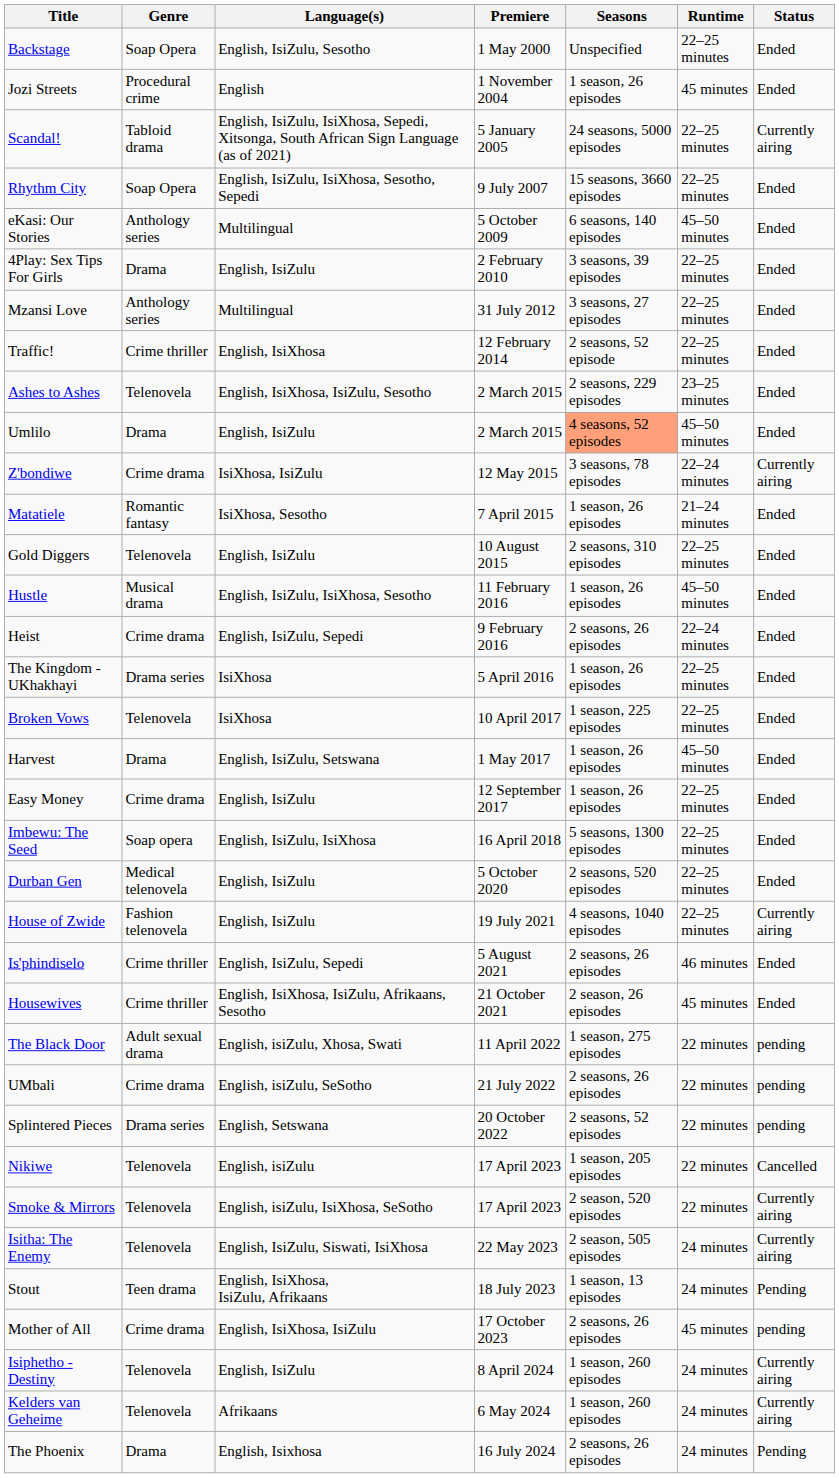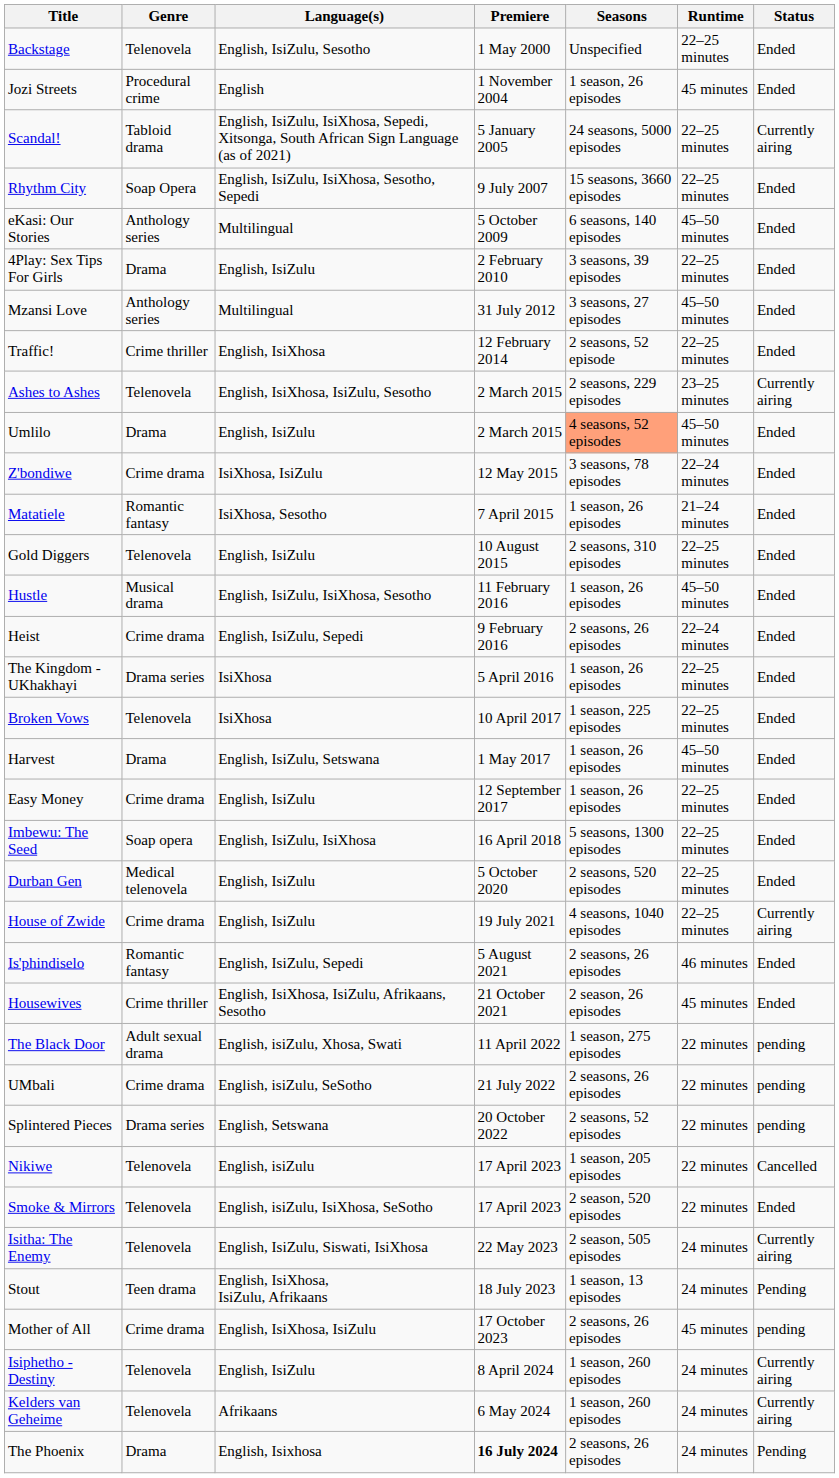 <table class="wikitable sortable" style="width:100%">
 <tr>
 <th>Title</th>
 <th>Genre</th>
 <th>Language(s)</th>
 <th>Premiere</th>
 <th>Seasons</th>
 <th>Runtime</th>
 <th>Status</th>
 </tr>
 <tr>
 <td><a href='#'>Backstage</a></td>
-<td>Soap Opera</td>
+<td>Telenovela</td>
 <td>English, IsiZulu, Sesotho</td>
 <td>1 May 2000</td>
 <td>Unspecified</td>
 <td>22–25 minutes</td>
 <td>Ended</td>
 </tr>
 <tr>
 <td>Jozi Streets</td>
 <td>Procedural crime</td>
 <td>English</td>
 <td>1 November 2004</td>
 <td>1 season, 26 episodes</td>
 <td>45 minutes</td>
 <td>Ended</td>
 </tr>
 <tr>
 <td><a href='#'>Scandal!</a></td>
 <td>Tabloid drama</td>
 <td>English, IsiZulu, IsiXhosa, Sepedi, Xitsonga, South African Sign Language (as of 2021)</td>
 <td>5 January 2005</td>
 <td>24 seasons, 5000 episodes</td>
 <td>22–25 minutes</td>
 <td>Currently airing</td>
 </tr>
 <tr>
 <td><a href='#'>Rhythm City</a></td>
 <td>Soap Opera</td>
 <td>English, IsiZulu, IsiXhosa, Sesotho, Sepedi</td>
 <td>9 July 2007</td>
 <td>15 seasons, 3660 episodes</td>
 <td>22–25 minutes</td>
 <td>Ended</td>
 </tr>
 <tr>
 <td>eKasi: Our Stories</td>
 <td>Anthology series</td>
 <td>Multilingual</td>
 <td>5 October 2009</td>
 <td>6 seasons, 140 episodes</td>
 <td>45–50 minutes</td>
 <td>Ended</td>
 </tr>
 <tr>
 <td>4Play: Sex Tips For Girls</td>
 <td>Drama</td>
 <td>English, IsiZulu</td>
 <td>2 February 2010</td>
 <td>3 seasons, 39 episodes</td>
 <td>22–25 minutes</td>
 <td>Ended</td>
 </tr>
 <tr>
 <td>Mzansi Love</td>
 <td>Anthology series</td>
 <td>Multilingual</td>
 <td>31 July 2012</td>
 <td>3 seasons, 27 episodes</td>
-<td>22–25 minutes</td>
+<td>45–50 minutes</td>
 <td>Ended</td>
 </tr>
 <tr>
 <td>Traffic!</td>
 <td>Crime thriller</td>
 <td>English, IsiXhosa</td>
 <td>12 February 2014</td>
 <td>2 seasons, 52 episode</td>
 <td>22–25 minutes</td>
 <td>Ended</td>
 </tr>
 <tr>
 <td><a href='#'>Ashes to Ashes</a></td>
 <td>Telenovela</td>
 <td>English, IsiXhosa, IsiZulu, Sesotho</td>
 <td>2 March 2015</td>
 <td>2 seasons, 229 episodes</td>
 <td>23–25 minutes</td>
-<td>Ended</td>
+<td>Currently airing</td>
 </tr>
 <tr>
 <td>Umlilo</td>
 <td>Drama</td>
 <td>English, IsiZulu</td>
 <td>2 March 2015</td>
 <td style="background: lightsalmon;">4 seasons, 52 episodes</td>
 <td>45–50 minutes</td>
 <td>Ended</td>
 </tr>
 <tr>
 <td><a href='#'>Z'bondiwe</a></td>
 <td>Crime drama</td>
 <td>IsiXhosa, IsiZulu</td>
 <td>12 May 2015</td>
 <td>3 seasons, 78 episodes</td>
 <td>22–24 minutes</td>
-<td>Currently airing</td>
+<td>Ended</td>
 </tr>
 <tr>
 <td><a href='#'>Matatiele</a></td>
 <td>Romantic fantasy</td>
 <td>IsiXhosa, Sesotho</td>
 <td>7 April 2015</td>
 <td>1 season, 26 episodes</td>
 <td>21–24 minutes</td>
 <td>Ended</td>
 </tr>
 <tr>
 <td>Gold Diggers</td>
 <td>Telenovela</td>
 <td>English, IsiZulu</td>
 <td>10 August 2015</td>
 <td>2 seasons, 310 episodes</td>
 <td>22–25 minutes</td>
 <td>Ended</td>
 </tr>
 <tr>
 <td><a href='#'>Hustle</a></td>
 <td>Musical drama</td>
 <td>English, IsiZulu, IsiXhosa, Sesotho</td>
 <td>11 February 2016</td>
 <td>1 season, 26 episodes</td>
 <td>45–50 minutes</td>
 <td>Ended</td>
 </tr>
 <tr>
 <td>Heist</td>
 <td>Crime drama</td>
 <td>English, IsiZulu, Sepedi</td>
 <td>9 February 2016</td>
 <td>2 seasons, 26 episodes</td>
 <td>22–24 minutes</td>
 <td>Ended</td>
 </tr>
 <tr>
 <td>The Kingdom - UKhakhayi</td>
 <td>Drama series</td>
 <td>IsiXhosa</td>
 <td>5 April 2016</td>
 <td>1 season, 26 episodes</td>
 <td>22–25 minutes</td>
 <td>Ended</td>
 </tr>
 <tr>
 <td><a href='#'>Broken Vows</a></td>
 <td>Telenovela</td>
 <td>IsiXhosa</td>
 <td>10 April 2017</td>
 <td>1 season, 225 episodes</td>
 <td>22–25 minutes</td>
 <td>Ended</td>
 </tr>
 <tr>
 <td>Harvest</td>
 <td>Drama</td>
 <td>English, IsiZulu, Setswana</td>
 <td>1 May 2017</td>
 <td>1 season, 26 episodes</td>
 <td>45–50 minutes</td>
 <td>Ended</td>
 </tr>
 <tr>
 <td>Easy Money</td>
 <td>Crime drama</td>
 <td>English, IsiZulu</td>
 <td>12 September 2017</td>
 <td>1 season, 26 episodes</td>
 <td>22–25 minutes</td>
 <td>Ended</td>
 </tr>
 <tr>
 <td><a href='#'>Imbewu: The Seed</a></td>
 <td>Soap opera</td>
 <td>English, IsiZulu, IsiXhosa</td>
 <td>16 April 2018</td>
 <td>5 seasons, 1300 episodes</td>
 <td>22–25 minutes</td>
 <td>Ended</td>
 </tr>
 <tr>
 <td><a href='#'>Durban Gen</a></td>
 <td>Medical telenovela</td>
 <td>English, IsiZulu</td>
 <td>5 October 2020</td>
 <td>2 seasons, 520 episodes</td>
 <td>22–25 minutes</td>
 <td>Ended</td>
 </tr>
 <tr>
 <td><a href='#'>House of Zwide</a></td>
-<td>Fashion telenovela</td>
+<td>Crime drama</td>
 <td>English, IsiZulu</td>
 <td>19 July 2021</td>
 <td>4 seasons, 1040 episodes</td>
 <td>22–25 minutes</td>
 <td>Currently airing</td>
 </tr>
 <tr>
 <td><a href='#'>Is'phindiselo</a></td>
-<td>Crime thriller</td>
+<td>Romantic fantasy</td>
 <td>English, IsiZulu, Sepedi</td>
 <td>5 August 2021</td>
 <td>2 seasons, 26 episodes</td>
 <td>46 minutes</td>
 <td>Ended</td>
 </tr>
 <tr>
 <td><a href='#'>Housewives</a></td>
 <td>Crime thriller</td>
 <td>English, IsiXhosa, IsiZulu, Afrikaans, Sesotho</td>
 <td>21 October 2021</td>
 <td>2 season, 26 episodes</td>
 <td>45 minutes</td>
 <td>Ended</td>
 </tr>
 <tr>
 <td><a href='#'>The Black Door</a></td>
 <td>Adult sexual drama</td>
 <td>English, isiZulu, Xhosa, Swati</td>
 <td>11 April 2022</td>
 <td>1 season, 275 episodes</td>
 <td>22 minutes</td>
 <td>pending</td>
 </tr>
 <tr>
 <td>UMbali</td>
 <td>Crime drama</td>
 <td>English, isiZulu, SeSotho</td>
 <td>21 July 2022</td>
 <td>2 seasons, 26 episodes</td>
 <td>22 minutes</td>
 <td>pending</td>
 </tr>
 <tr>
 <td>Splintered Pieces</td>
 <td>Drama series</td>
 <td>English, Setswana</td>
 <td>20 October 2022</td>
 <td>2 seasons, 52 episodes</td>
 <td>22 minutes</td>
 <td>pending</td>
 </tr>
 <tr>
 <td><a href='#'>Nikiwe</a></td>
 <td>Telenovela</td>
 <td>English, isiZulu</td>
 <td>17 April 2023</td>
 <td>1 season, 205 episodes</td>
 <td>22 minutes</td>
 <td>Cancelled</td>
 </tr>
 <tr>
 <td><a href='#'>Smoke & Mirrors</a></td>
 <td>Telenovela</td>
 <td>English, isiZulu, IsiXhosa, SeSotho</td>
 <td>17 April 2023</td>
 <td>2 season, 520<br>episodes</td>
 <td>22 minutes</td>
-<td>Currently airing</td>
+<td>Ended</td>
 </tr>
 <tr>
 <td><a href='#'>Isitha: The Enemy</a></td>
 <td>Telenovela</td>
 <td>English, IsiZulu, Siswati, IsiXhosa</td>
 <td>22 May 2023</td>
 <td>2 season, 505 episodes</td>
 <td>24 minutes</td>
 <td>Currently airing</td>
 </tr>
 <tr>
 <td>Stout</td>
 <td>Teen drama</td>
 <td>English, IsiXhosa,<br>IsiZulu, Afrikaans</td>
 <td>18 July 2023</td>
 <td>1 season, 13 episodes</td>
 <td>24 minutes</td>
 <td>Pending</td>
 </tr>
 <tr>
 <td>Mother of All</td>
 <td>Crime drama</td>
 <td>English, IsiXhosa, IsiZulu</td>
 <td>17 October 2023</td>
 <td>2 seasons, 26 episodes</td>
 <td>45 minutes</td>
 <td>pending</td>
 </tr>
 <tr>
 <td><a href='#'>Isiphetho - Destiny</a></td>
 <td>Telenovela</td>
 <td>English, IsiZulu</td>
 <td>8 April 2024</td>
 <td>1 season, 260 episodes</td>
 <td>24 minutes</td>
 <td>Currently airing</td>
 </tr>
 <tr>
 <td><a href='#'>Kelders van Geheime</a></td>
 <td>Telenovela</td>
 <td>Afrikaans</td>
 <td>6 May 2024</td>
 <td>1 season, 260 episodes</td>
 <td>24 minutes</td>
 <td>Currently airing</td>
 </tr>
 <tr>
 <td>The Phoenix</td>
 <td>Drama</td>
 <td>English, Isixhosa</td>
-<td>16 July 2024</td>
+<td><strong>16 July 2024</strong></td>
 <td>2 seasons, 26 episodes</td>
 <td>24 minutes</td>
 <td>Pending</td>
 </tr>
 </table>
